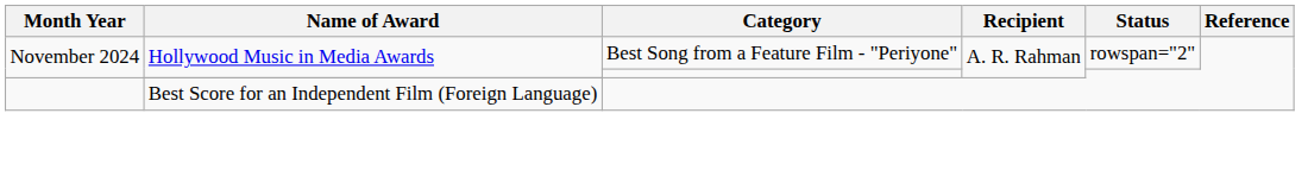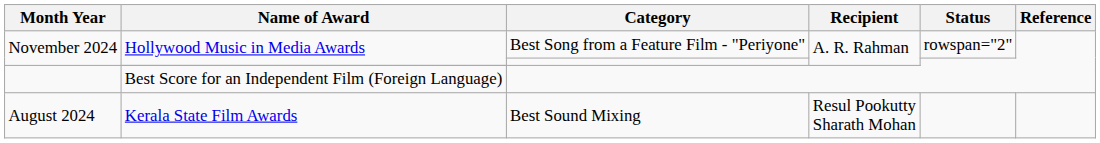 <table class="wikitable">
 <tr>
 <th>Month Year</th>
 <th>Name of Award</th>
 <th>Category</th>
 <th>Recipient</th>
 <th>Status</th>
 <th>Reference</th>
 </tr>
 <tr>
 <td rowspan="2">November 2024</td>
 <td rowspan="2"><a href='#'>Hollywood Music in Media Awards</a></td>
 <td>Best Song from a Feature Film - "Periyone"</td>
 <td rowspan="2">A. R. Rahman</td>
 <td>rowspan="2" </td>
 </tr>
 <tr>
 <td></td>
 </tr>
 <tr>
 <td rowspan="2"></td>
 </tr>
 <tr>
 <td>Best Score for an Independent Film (Foreign Language)</td>
 </tr>
+<tr>
+<td>August 2024</td>
+<td><a href='#'>Kerala State Film Awards</a></td>
+<td>Best Sound Mixing</td>
+<td>Resul Pookutty<br>Sharath Mohan</td>
+<td></td>
+<td></td>
+</tr>
 </table>
